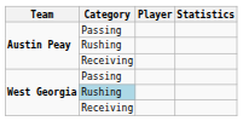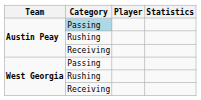 <table class="wikitable" style="float: right;">
 <tr>
 <th>Team</th>
 <th>Category</th>
 <th>Player</th>
 <th>Statistics</th>
 </tr>
 <tr>
 <td rowspan=3><strong>Austin Peay</strong></td>
-<td>Passing</td>
+<td style="background: lightblue;">Passing</td>
 <td></td>
 <td></td>
 </tr>
 <tr>
 <td>Rushing</td>
 <td></td>
 <td></td>
 </tr>
 <tr>
 <td>Receiving</td>
 <td></td>
 <td></td>
 </tr>
 <tr>
 <td rowspan=3><strong>West Georgia</strong></td>
 <td>Passing</td>
 <td></td>
 <td></td>
 </tr>
 <tr>
-<td style="background: lightblue;">Rushing</td>
+<td>Rushing</td>
 <td></td>
 <td></td>
 </tr>
 <tr>
 <td>Receiving</td>
 <td></td>
 <td></td>
 </tr>
 </table>
